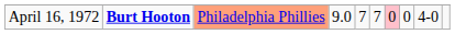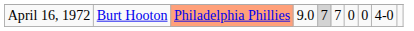 <table class="wikitable">
 <tr>
 </tr>
 <tr align="center">
 <td>April 16, 1972</td>
-<td><strong><a href='#'>Burt Hooton</a></strong></td>
+<td><a href='#'>Burt Hooton</a></td>
 <td style="background: lightsalmon;"><a href='#'>Philadelphia Phillies</a></td>
 <td>9.0</td>
+<td style="background: lightgrey;">7</td>
 <td>7</td>
-<td>7</td>
-<td style="background: pink;">0</td>
+<td>0</td>
 <td>0</td>
 <td>4-0</td>
 <td></td>
 </tr>
 </table>
